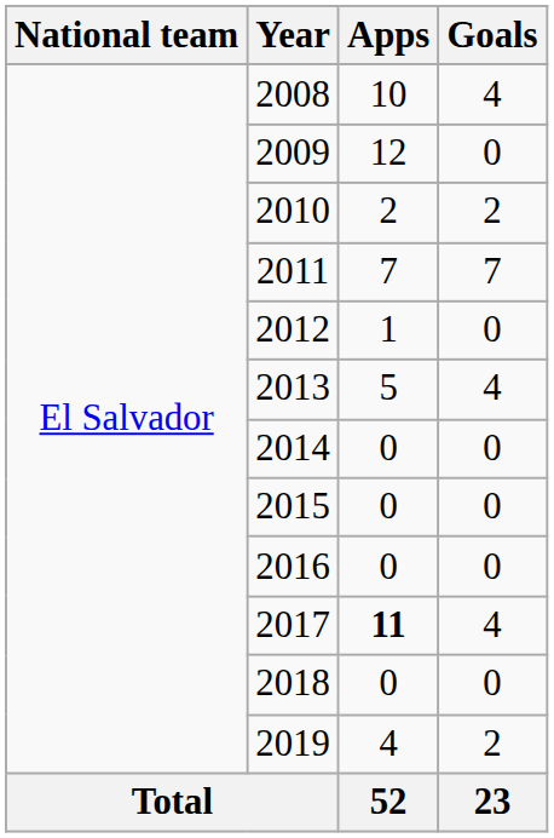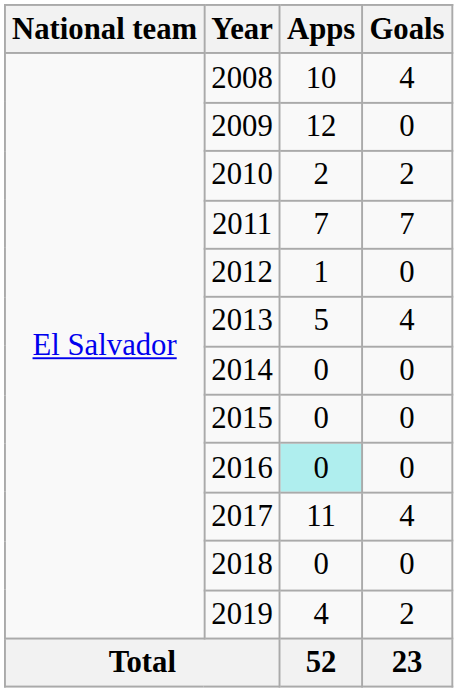 <table class="wikitable" style="text-align:center">
 <tr>
 <th>National team</th>
 <th>Year</th>
 <th>Apps</th>
 <th>Goals</th>
 </tr>
 <tr>
 <td rowspan="12"><a href='#'>El Salvador</a></td>
 <td>2008</td>
 <td>10</td>
 <td>4</td>
 </tr>
 <tr>
 <td>2009</td>
 <td>12</td>
 <td>0</td>
 </tr>
 <tr>
 <td>2010</td>
 <td>2</td>
 <td>2</td>
 </tr>
 <tr>
 <td>2011</td>
 <td>7</td>
 <td>7</td>
 </tr>
 <tr>
 <td>2012</td>
 <td>1</td>
 <td>0</td>
 </tr>
 <tr>
 <td>2013</td>
 <td>5</td>
 <td>4</td>
 </tr>
 <tr>
 <td>2014</td>
 <td>0</td>
 <td>0</td>
 </tr>
 <tr>
 <td>2015</td>
 <td>0</td>
 <td>0</td>
 </tr>
 <tr>
 <td>2016</td>
-<td>0</td>
+<td style="background: paleturquoise;">0</td>
 <td>0</td>
 </tr>
 <tr>
 <td>2017</td>
-<td><strong>11</strong></td>
+<td>11</td>
 <td>4</td>
 </tr>
 <tr>
 <td>2018</td>
 <td>0</td>
 <td>0</td>
 </tr>
 <tr>
 <td>2019</td>
 <td>4</td>
 <td>2</td>
 </tr>
 <tr>
 <th colspan="2">Total</th>
 <th>52</th>
 <th>23</th>
 </tr>
 </table>
